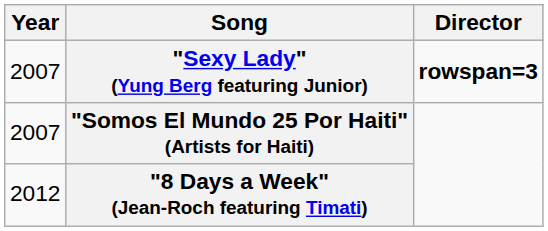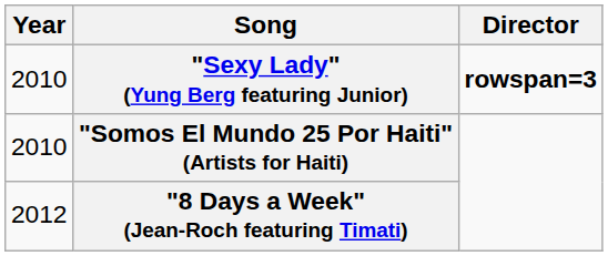 <table class="wikitable plainrowheaders" style="text-align:center;" border="1">
 <tr>
 <th scope="col">Year</th>
 <th scope="col">Song</th>
 <th scope="col">Director</th>
 </tr>
 <tr>
-<td>2007</td>
+<td>2010</td>
 <th scope="row">"<a href='#'>Sexy Lady</a>" <br><small>(<a href='#'>Yung Berg</a> featuring Junior)</small></th>
 <td><strong>rowspan=3 </strong></td>
 </tr>
 <tr>
-<td>2007</td>
+<td>2010</td>
 <th scope="row">"Somos El Mundo 25 Por Haiti" <br><small>(Artists for Haiti)</small></th>
 </tr>
 <tr>
 <td>2012</td>
 <th scope="row">"8 Days a Week" <br><small>(Jean-Roch featuring <a href='#'>Timati</a>)</small></th>
 </tr>
 </table>
